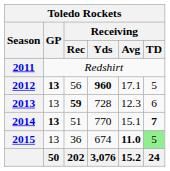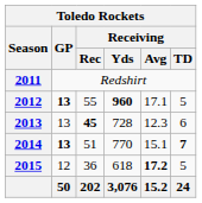 <table class="wikitable" style="text-align:center;">
 <tr>
 <th colspan="9">Toledo Rockets</th>
 </tr>
 <tr>
 <th rowspan="2">Season</th>
 <th rowspan="2">GP</th>
 <th colspan="5">Receiving</th>
 </tr>
 <tr>
 <th>Rec</th>
 <th>Yds</th>
 <th>Avg</th>
 <th>TD</th>
 </tr>
 <tr>
 <th><a href='#'>2011</a></th>
 <td colspan="9"><em>Redshirt </em></td>
 </tr>
 <tr>
 <th><a href='#'>2012</a></th>
 <td><strong>13</strong></td>
-<td>56</td>
+<td>55</td>
 <td><strong>960</strong></td>
 <td>17.1</td>
 <td>5</td>
 </tr>
 <tr>
 <th><a href='#'>2013</a></th>
 <td>13</td>
-<td><strong>59</strong></td>
+<td><strong>45</strong></td>
 <td>728</td>
 <td>12.3</td>
 <td>6</td>
 </tr>
 <tr>
 <th><a href='#'>2014</a></th>
 <td><strong>13</strong></td>
 <td>51</td>
 <td>770</td>
 <td>15.1</td>
 <td><strong>7</strong></td>
 </tr>
 <tr>
 <th><a href='#'>2015</a></th>
-<td>13</td>
+<td>12</td>
 <td>36</td>
-<td>674</td>
-<td><strong>11.0</strong></td>
-<td style="background: lightgreen;">5</td>
+<td>618</td>
+<td><strong>17.2</strong></td>
+<td>5</td>
 </tr>
 <tr>
 <th></th>
 <th>50</th>
 <th>202</th>
 <th>3,076</th>
 <th>15.2</th>
 <th>24</th>
 </tr>
 </table>
